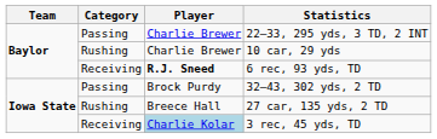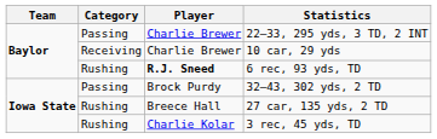 <table class="wikitable" style="float: right;">
 <tr>
 <th>Team</th>
 <th>Category</th>
 <th>Player</th>
 <th>Statistics</th>
 </tr>
 <tr>
 <td rowspan=3><strong>Baylor</strong></td>
 <td>Passing</td>
 <td><a href='#'>Charlie Brewer</a></td>
 <td>22–33, 295 yds, 3 TD, 2 INT</td>
 </tr>
 <tr>
-<td>Rushing</td>
+<td>Receiving</td>
 <td>Charlie Brewer</td>
 <td>10 car, 29 yds</td>
 </tr>
 <tr>
-<td>Receiving</td>
+<td>Rushing</td>
 <td><strong>R.J. Sneed</strong></td>
 <td>6 rec, 93 yds, TD</td>
 </tr>
 <tr>
 <td rowspan=3><strong>Iowa State</strong></td>
 <td>Passing</td>
 <td>Brock Purdy</td>
 <td>32–43, 302 yds, 2 TD</td>
 </tr>
 <tr>
 <td>Rushing</td>
 <td>Breece Hall</td>
 <td>27 car, 135 yds, 2 TD</td>
 </tr>
 <tr>
-<td>Receiving</td>
-<td style="background: lightblue;"><a href='#'>Charlie Kolar</a></td>
+<td>Rushing</td>
+<td><a href='#'>Charlie Kolar</a></td>
 <td>3 rec, 45 yds, TD</td>
 </tr>
 </table>
